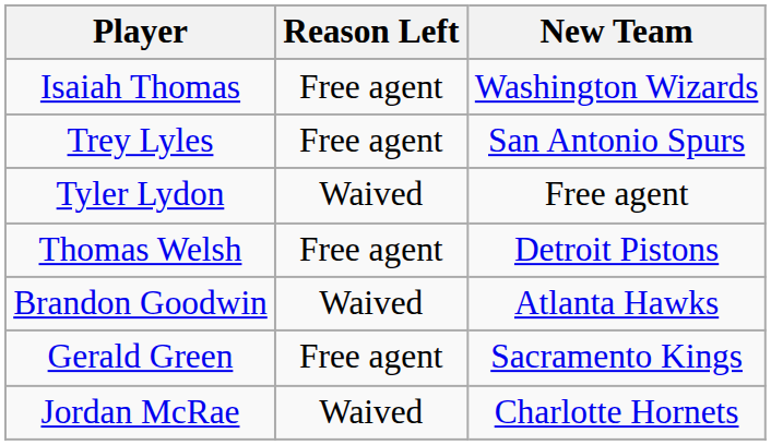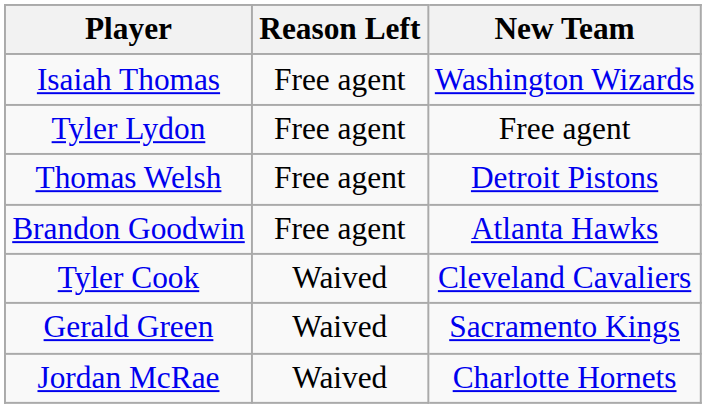 <table class="wikitable sortable sortable">
 <tr>
 <th>Player</th>
 <th>Reason Left</th>
 <th>New Team</th>
 </tr>
 <tr style="text-align: center">
 <td><a href='#'>Isaiah Thomas</a></td>
 <td>Free agent</td>
 <td><a href='#'>Washington Wizards</a></td>
 </tr>
 <tr style="text-align: center">
-<td><a href='#'>Trey Lyles</a></td>
+<td><a href='#'>Tyler Lydon</a></td>
 <td>Free agent</td>
-<td><a href='#'>San Antonio Spurs</a></td>
-</tr>
-<tr style="text-align: center">
-<td><a href='#'>Tyler Lydon</a></td>
-<td>Waived</td>
 <td>Free agent</td>
 </tr>
 <tr style="text-align:center;">
 <td><a href='#'>Thomas Welsh</a></td>
 <td>Free agent</td>
 <td><a href='#'>Detroit Pistons</a></td>
 </tr>
 <tr style="text-align: center">
 <td><a href='#'>Brandon Goodwin</a></td>
-<td>Waived</td>
+<td>Free agent</td>
 <td><a href='#'>Atlanta Hawks</a></td>
 </tr>
 <tr style="text-align: center">
+<td><a href='#'>Tyler Cook</a></td>
+<td>Waived</td>
+<td><a href='#'>Cleveland Cavaliers</a></td>
+</tr>
+<tr style="text-align: center">
 <td><a href='#'>Gerald Green</a></td>
-<td>Free agent</td>
+<td>Waived</td>
 <td><a href='#'>Sacramento Kings</a></td>
 </tr>
 <tr style="text-align: center">
 <td><a href='#'>Jordan McRae</a></td>
 <td>Waived</td>
 <td><a href='#'>Charlotte Hornets</a></td>
 </tr>
 </table>
